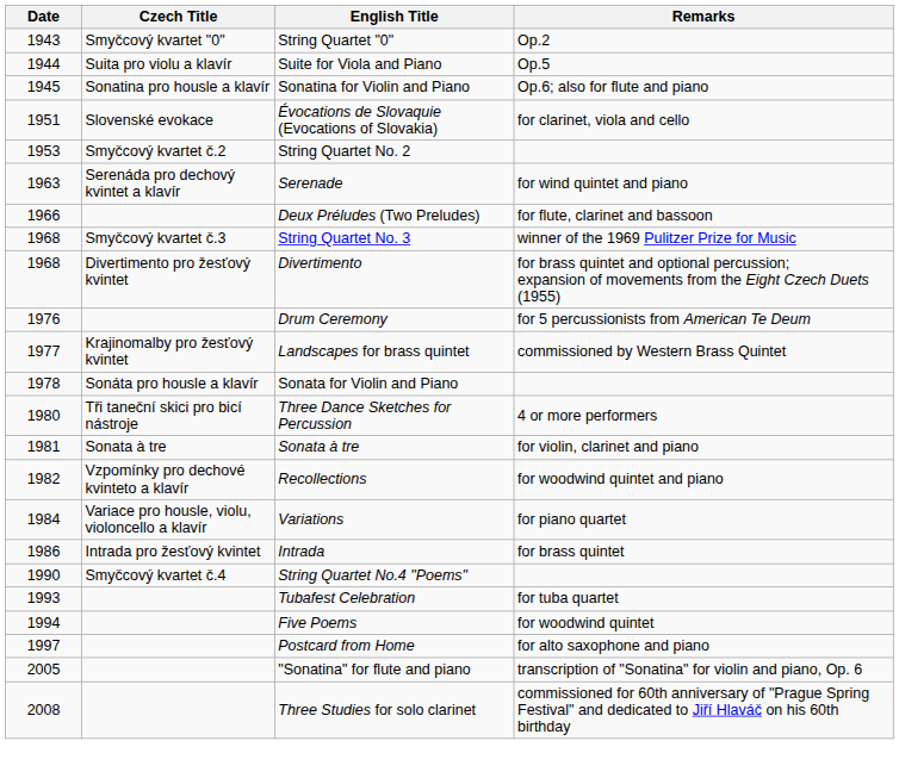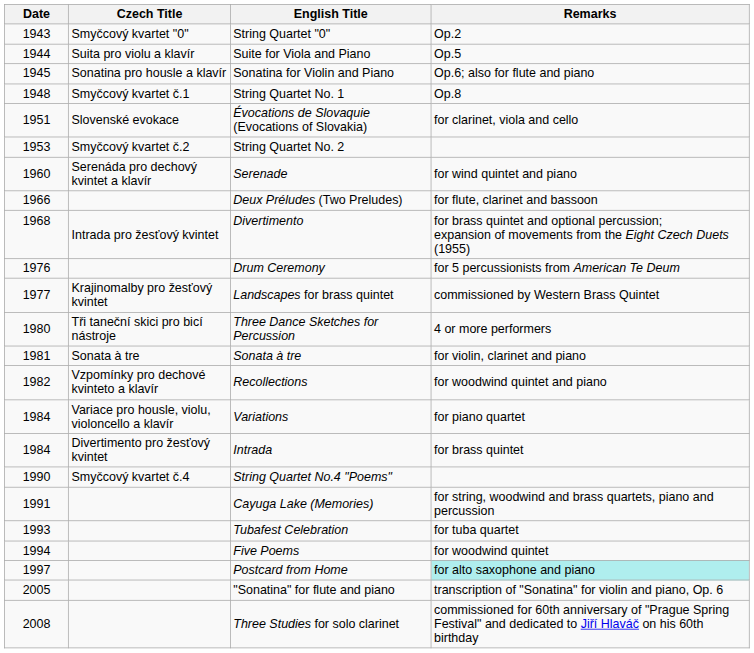 <table class="wikitable" style="margins:auto; width=95%;">
 <tr>
 <th width="75">Date</th>
 <th width="200">Czech Title</th>
 <th width="250">English Title</th>
 <th width="400">Remarks</th>
 </tr>
 <tr>
 <td align=center>1943</td>
 <td>Smyčcový kvartet "0"</td>
 <td>String Quartet "0"</td>
 <td>Op.2</td>
 </tr>
 <tr>
 <td align=center>1944</td>
 <td>Suita pro violu a klavír</td>
 <td>Suite for Viola and Piano</td>
 <td>Op.5</td>
 </tr>
 <tr>
 <td align=center>1945</td>
 <td>Sonatina pro housle a klavír</td>
 <td>Sonatina for Violin and Piano</td>
 <td>Op.6; also for flute and piano</td>
 </tr>
 <tr>
+<td align=center>1948</td>
+<td>Smyčcový kvartet č.1</td>
+<td>String Quartet No. 1</td>
+<td>Op.8</td>
+</tr>
+<tr>
 <td align=center>1951</td>
 <td>Slovenské evokace</td>
 <td><em>Évocations de Slovaquie</em> (Evocations of Slovakia)</td>
 <td>for clarinet, viola and cello</td>
 </tr>
 <tr>
 <td align=center>1953</td>
 <td>Smyčcový kvartet č.2</td>
 <td>String Quartet No. 2</td>
 <td> </td>
 </tr>
 <tr>
-<td align=center>1963</td>
+<td align=center>1960</td>
 <td>Serenáda pro dechový kvintet a klavír</td>
 <td><em>Serenade</em></td>
 <td>for wind quintet and piano</td>
 </tr>
 <tr>
 <td align=center>1966</td>
 <td> </td>
 <td><em>Deux Préludes</em> (Two Preludes)</td>
 <td>for flute, clarinet and bassoon</td>
 </tr>
 <tr>
-<td align=center>1968</td>
-<td>Smyčcový kvartet č.3</td>
-<td><a href='#'>String Quartet No. 3</a></td>
-<td>winner of the 1969 <a href='#'>Pulitzer Prize for Music</a></td>
-</tr>
-<tr>
 <td align=center valign="top">1968</td>
-<td valign="top">Divertimento pro žesťový kvintet</td>
+<td>Intrada pro žesťový kvintet</td>
 <td valign="top"><em>Divertimento</em></td>
 <td>for brass quintet and optional percussion; <br> expansion of movements from the <em>Eight Czech Duets</em> (1955)</td>
 </tr>
 <tr>
 <td align=center>1976</td>
 <td> </td>
 <td><em>Drum Ceremony</em></td>
 <td>for 5 percussionists from <em>American Te Deum</em></td>
 </tr>
 <tr>
 <td align=center>1977</td>
 <td>Krajinomalby pro žesťový kvintet</td>
 <td><em>Landscapes</em> for brass quintet</td>
 <td>commissioned by Western Brass Quintet</td>
-</tr>
-<tr>
-<td align=center>1978</td>
-<td>Sonáta pro housle a klavír</td>
-<td>Sonata for Violin and Piano</td>
-<td> </td>
 </tr>
 <tr>
 <td align=center>1980</td>
 <td>Tři taneční skici pro bicí nástroje</td>
 <td><em>Three Dance Sketches for Percussion</em></td>
 <td>4 or more performers</td>
 </tr>
 <tr>
 <td align=center>1981</td>
 <td>Sonata à tre</td>
 <td><em>Sonata à tre</em></td>
 <td>for violin, clarinet and piano</td>
 </tr>
 <tr>
 <td align=center>1982</td>
 <td>Vzpomínky pro dechové kvinteto a klavír</td>
 <td><em>Recollections</em></td>
 <td>for woodwind quintet and piano</td>
 </tr>
 <tr>
 <td align=center>1984</td>
 <td>Variace pro housle, violu, violoncello a klavír</td>
 <td><em>Variations</em></td>
 <td>for piano quartet</td>
 </tr>
 <tr>
-<td align=center>1986</td>
-<td>Intrada pro žesťový kvintet</td>
+<td align=center>1984</td>
+<td valign="top">Divertimento pro žesťový kvintet</td>
 <td><em>Intrada</em></td>
 <td>for brass quintet</td>
 </tr>
 <tr>
 <td align=center>1990</td>
 <td>Smyčcový kvartet č.4</td>
 <td><em>String Quartet No.4 "Poems"</em></td>
 <td> </td>
+</tr>
+<tr>
+<td align=center>1991</td>
+<td> </td>
+<td><em>Cayuga Lake (Memories)</em></td>
+<td>for string, woodwind and brass quartets, piano and percussion</td>
 </tr>
 <tr>
 <td align=center>1993</td>
 <td> </td>
 <td><em>Tubafest Celebration</em></td>
 <td>for tuba quartet</td>
 </tr>
 <tr>
 <td align=center>1994</td>
 <td> </td>
 <td><em>Five Poems</em></td>
 <td>for woodwind quintet</td>
 </tr>
 <tr>
 <td align=center>1997</td>
 <td> </td>
 <td><em>Postcard from Home</em></td>
-<td>for alto saxophone and piano</td>
+<td style="background: paleturquoise;">for alto saxophone and piano</td>
 </tr>
 <tr>
 <td align=center>2005</td>
 <td> </td>
 <td>"Sonatina" for flute and piano</td>
 <td>transcription of "Sonatina" for violin and piano, Op. 6</td>
 </tr>
 <tr>
 <td align=center>2008</td>
 <td> </td>
 <td><em>Three Studies</em> for solo clarinet</td>
 <td>commissioned for 60th anniversary of "Prague Spring Festival" and dedicated to <a href='#'>Jiří Hlaváč</a> on his 60th birthday</td>
 </tr>
 </table>
